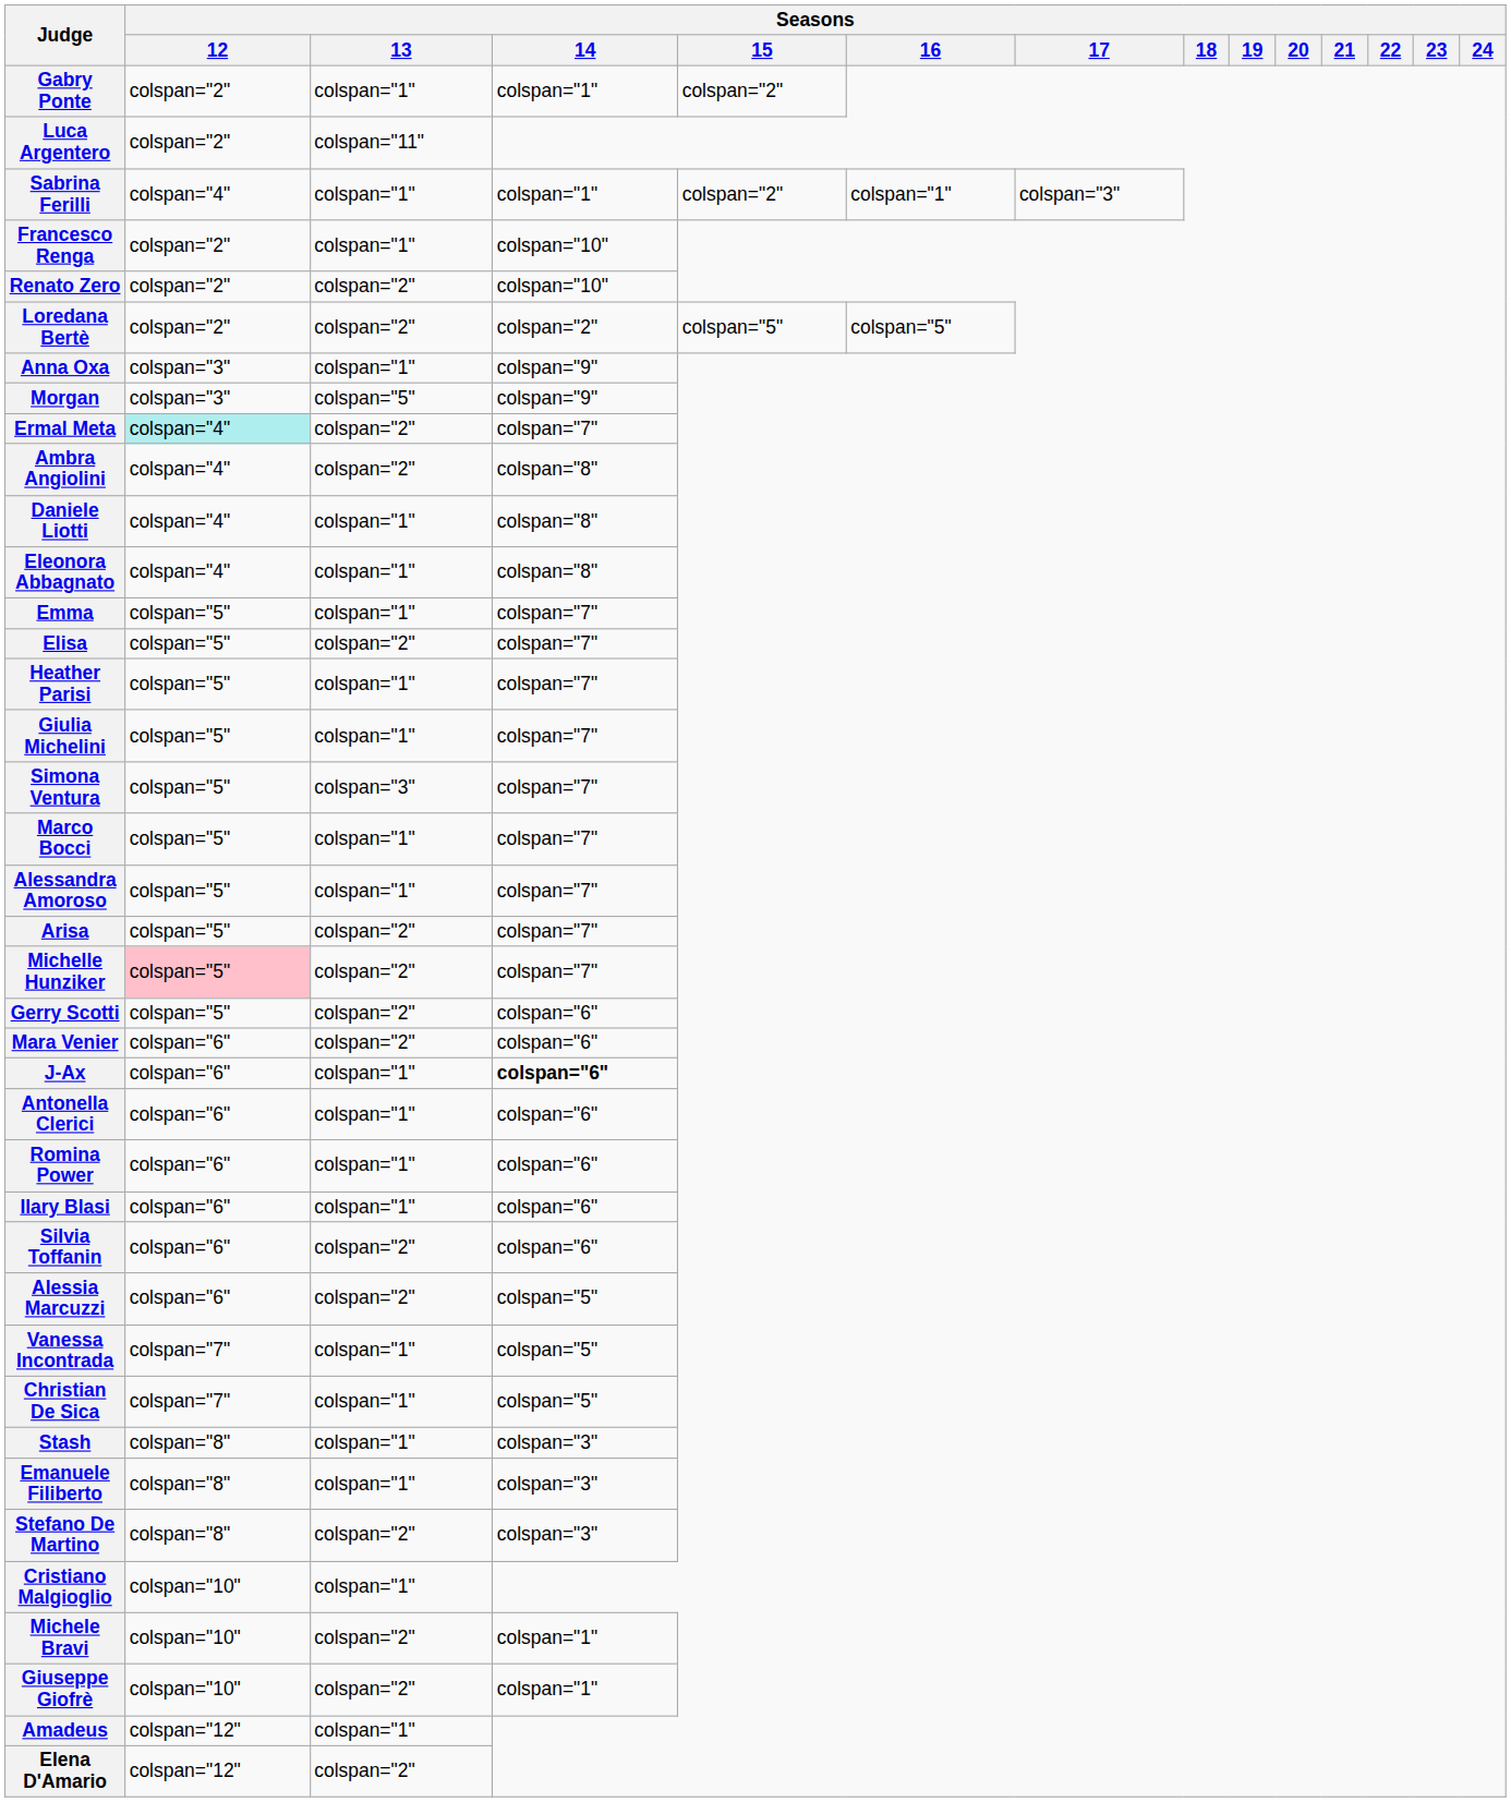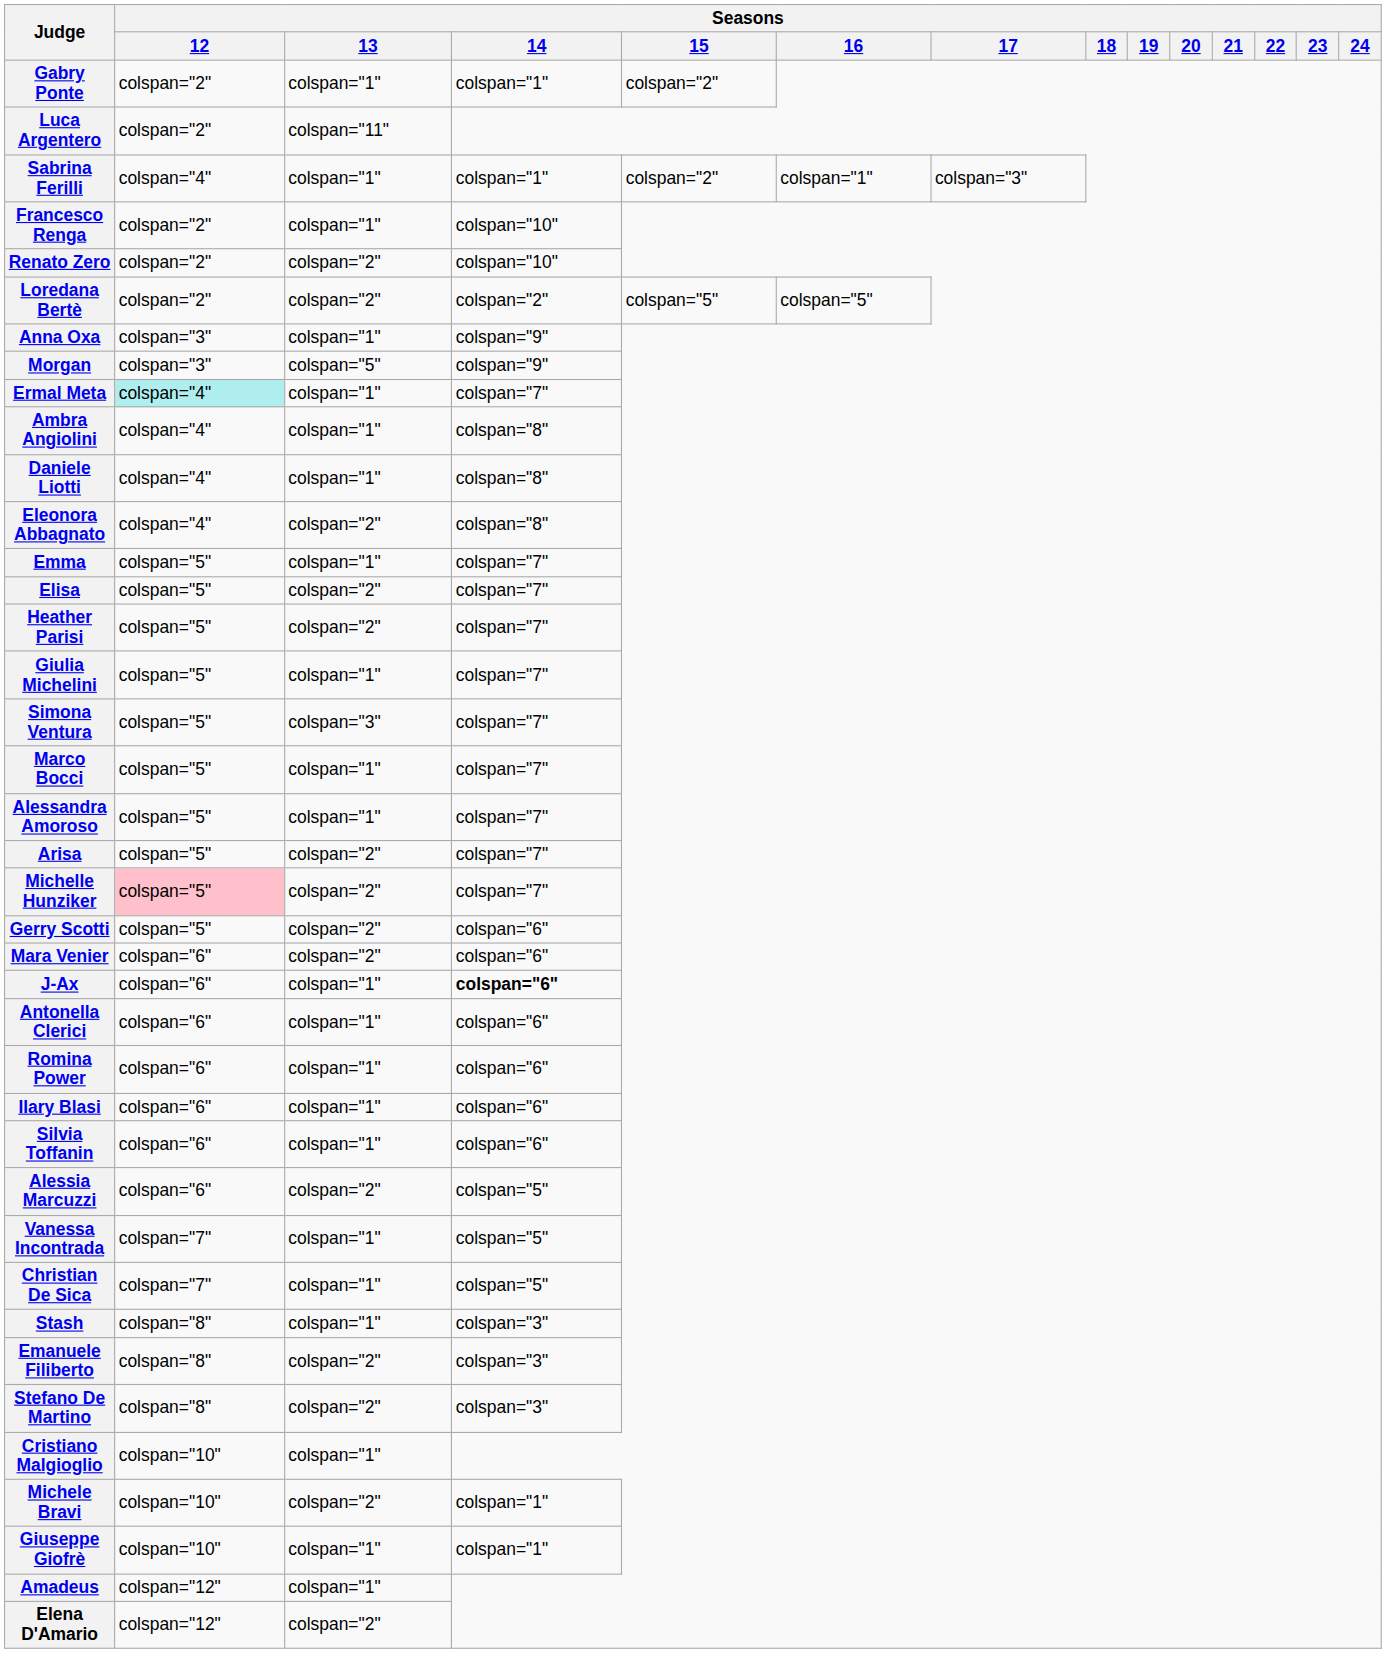 <table class="wikitable plainrowheaders collapsible mw-collapsible nowrap" style="width:100%" style="text-align:center">
 <tr>
 <th rowspan="2" style="width:08%">Judge</th>
 <th colspan="13">Seasons</th>
 </tr>
 <tr>
 <th><a href='#'>12</a></th>
 <th><a href='#'>13</a></th>
 <th><a href='#'>14</a></th>
 <th><a href='#'>15</a></th>
 <th><a href='#'>16</a></th>
 <th><a href='#'>17</a></th>
 <th><a href='#'>18</a></th>
 <th><a href='#'>19</a></th>
 <th><a href='#'>20</a></th>
 <th><a href='#'>21</a></th>
 <th><a href='#'>22</a></th>
 <th><a href='#'>23</a></th>
 <th><a href='#'>24</a></th>
 </tr>
 <tr>
 <th scope=row><a href='#'>Gabry Ponte</a></th>
 <td>colspan="2" </td>
 <td>colspan="1" </td>
 <td>colspan="1" </td>
 <td>colspan="2" </td>
 </tr>
 <tr>
 <th scope=row><a href='#'>Luca Argentero</a></th>
 <td>colspan="2" </td>
 <td>colspan="11" </td>
 </tr>
 <tr>
 <th scope=row><a href='#'>Sabrina Ferilli</a></th>
 <td>colspan="4" </td>
 <td>colspan="1" </td>
 <td>colspan="1" </td>
 <td>colspan="2" </td>
 <td>colspan="1" </td>
 <td>colspan="3" </td>
 </tr>
 <tr>
 <th scope=row><a href='#'>Francesco Renga</a></th>
 <td>colspan="2" </td>
 <td>colspan="1" </td>
 <td>colspan="10" </td>
 </tr>
 <tr>
 <th scope=row><a href='#'>Renato Zero</a></th>
 <td>colspan="2" </td>
 <td>colspan="2" </td>
 <td>colspan="10" </td>
 </tr>
 <tr>
 <th scope=row><a href='#'>Loredana Bertè</a></th>
 <td>colspan="2" </td>
 <td>colspan="2" </td>
 <td>colspan="2" </td>
 <td>colspan="5" </td>
 <td>colspan="5" </td>
 </tr>
 <tr>
 <th scope=row><a href='#'>Anna Oxa</a></th>
 <td>colspan="3" </td>
 <td>colspan="1" </td>
 <td>colspan="9" </td>
 </tr>
 <tr>
 <th scope=row><a href='#'>Morgan</a></th>
 <td>colspan="3" </td>
 <td>colspan="5" </td>
 <td>colspan="9" </td>
 </tr>
 <tr>
 <th scope=row><a href='#'>Ermal Meta</a></th>
 <td style="background: paleturquoise;">colspan="4" </td>
-<td>colspan="2" </td>
+<td>colspan="1" </td>
 <td>colspan="7" </td>
 </tr>
 <tr>
 <th scope=row><a href='#'>Ambra Angiolini</a></th>
 <td>colspan="4" </td>
-<td>colspan="2" </td>
+<td>colspan="1" </td>
 <td>colspan="8" </td>
 </tr>
 <tr>
 <th scope=row><a href='#'>Daniele Liotti</a></th>
 <td>colspan="4" </td>
 <td>colspan="1" </td>
 <td>colspan="8" </td>
 </tr>
 <tr>
 <th scope=row><a href='#'>Eleonora Abbagnato</a></th>
 <td>colspan="4" </td>
-<td>colspan="1" </td>
+<td>colspan="2" </td>
 <td>colspan="8" </td>
 </tr>
 <tr>
 <th scope=row><a href='#'>Emma</a></th>
 <td>colspan="5" </td>
 <td>colspan="1" </td>
 <td>colspan="7" </td>
 </tr>
 <tr>
 <th scope=row><a href='#'>Elisa</a></th>
 <td>colspan="5" </td>
 <td>colspan="2" </td>
 <td>colspan="7" </td>
 </tr>
 <tr>
 <th scope=row><a href='#'>Heather Parisi</a></th>
 <td>colspan="5" </td>
-<td>colspan="1" </td>
+<td>colspan="2" </td>
 <td>colspan="7" </td>
 </tr>
 <tr>
 <th scope=row><a href='#'>Giulia Michelini</a></th>
 <td>colspan="5" </td>
 <td>colspan="1" </td>
 <td>colspan="7" </td>
 </tr>
 <tr>
 <th scope=row><a href='#'>Simona Ventura</a></th>
 <td>colspan="5" </td>
 <td>colspan="3" </td>
 <td>colspan="7" </td>
 </tr>
 <tr>
 <th scope=row><a href='#'>Marco Bocci</a></th>
 <td>colspan="5" </td>
 <td>colspan="1" </td>
 <td>colspan="7" </td>
 </tr>
 <tr>
 <th scope=row><a href='#'>Alessandra Amoroso</a></th>
 <td>colspan="5" </td>
 <td>colspan="1" </td>
 <td>colspan="7" </td>
 </tr>
 <tr>
 <th scope=row><a href='#'>Arisa</a></th>
 <td>colspan="5" </td>
 <td>colspan="2" </td>
 <td>colspan="7" </td>
 </tr>
 <tr>
 <th scope=row><a href='#'>Michelle Hunziker</a></th>
 <td style="background: pink;">colspan="5" </td>
 <td>colspan="2" </td>
 <td>colspan="7" </td>
 </tr>
 <tr>
 <th scope=row><a href='#'>Gerry Scotti</a></th>
 <td>colspan="5" </td>
 <td>colspan="2" </td>
 <td>colspan="6" </td>
 </tr>
 <tr>
 <th scope=row><a href='#'>Mara Venier</a></th>
 <td>colspan="6" </td>
 <td>colspan="2" </td>
 <td>colspan="6" </td>
 </tr>
 <tr>
 <th scope=row><a href='#'>J-Ax</a></th>
 <td>colspan="6" </td>
 <td>colspan="1" </td>
 <td><strong>colspan="6" </strong></td>
 </tr>
 <tr>
 <th scope=row><a href='#'>Antonella Clerici</a></th>
 <td>colspan="6" </td>
 <td>colspan="1" </td>
 <td>colspan="6" </td>
 </tr>
 <tr>
 <th scope=row><a href='#'>Romina Power</a></th>
 <td>colspan="6" </td>
 <td>colspan="1" </td>
 <td>colspan="6" </td>
 </tr>
 <tr>
 <th scope=row><a href='#'>Ilary Blasi</a></th>
 <td>colspan="6" </td>
 <td>colspan="1" </td>
 <td>colspan="6" </td>
 </tr>
 <tr>
 <th scope=row><a href='#'>Silvia Toffanin</a></th>
 <td>colspan="6" </td>
-<td>colspan="2" </td>
+<td>colspan="1" </td>
 <td>colspan="6" </td>
 </tr>
 <tr>
 <th scope=row><a href='#'>Alessia Marcuzzi</a></th>
 <td>colspan="6" </td>
 <td>colspan="2" </td>
 <td>colspan="5" </td>
 </tr>
 <tr>
 <th scope=row><a href='#'>Vanessa Incontrada</a></th>
 <td>colspan="7" </td>
 <td>colspan="1" </td>
 <td>colspan="5" </td>
 </tr>
 <tr>
 <th scope=row><a href='#'>Christian De Sica</a></th>
 <td>colspan="7" </td>
 <td>colspan="1" </td>
 <td>colspan="5" </td>
 </tr>
 <tr>
 <th scope=row><a href='#'>Stash</a></th>
 <td>colspan="8" </td>
 <td>colspan="1" </td>
 <td>colspan="3" </td>
 </tr>
 <tr>
 <th scope=row><a href='#'>Emanuele Filiberto</a></th>
 <td>colspan="8" </td>
-<td>colspan="1" </td>
+<td>colspan="2" </td>
 <td>colspan="3" </td>
 </tr>
 <tr>
 <th scope=row><a href='#'>Stefano De Martino</a></th>
 <td>colspan="8" </td>
 <td>colspan="2" </td>
 <td>colspan="3" </td>
 </tr>
 <tr>
 <th scope=row><a href='#'>Cristiano Malgioglio</a></th>
 <td>colspan="10" </td>
 <td>colspan="1" </td>
 </tr>
 <tr>
 <th scope=row><a href='#'>Michele Bravi</a></th>
 <td>colspan="10" </td>
 <td>colspan="2" </td>
 <td>colspan="1" </td>
 </tr>
 <tr>
 <th scope=row><a href='#'>Giuseppe Giofrè</a></th>
 <td>colspan="10" </td>
-<td>colspan="2" </td>
+<td>colspan="1" </td>
 <td>colspan="1" </td>
 </tr>
 <tr>
 <th scope=row><a href='#'>Amadeus</a></th>
 <td>colspan="12" </td>
 <td>colspan="1" </td>
 </tr>
 <tr>
 <th scope=row>Elena D'Amario</th>
 <td>colspan="12" </td>
 <td>colspan="2" </td>
 </tr>
 </table>
